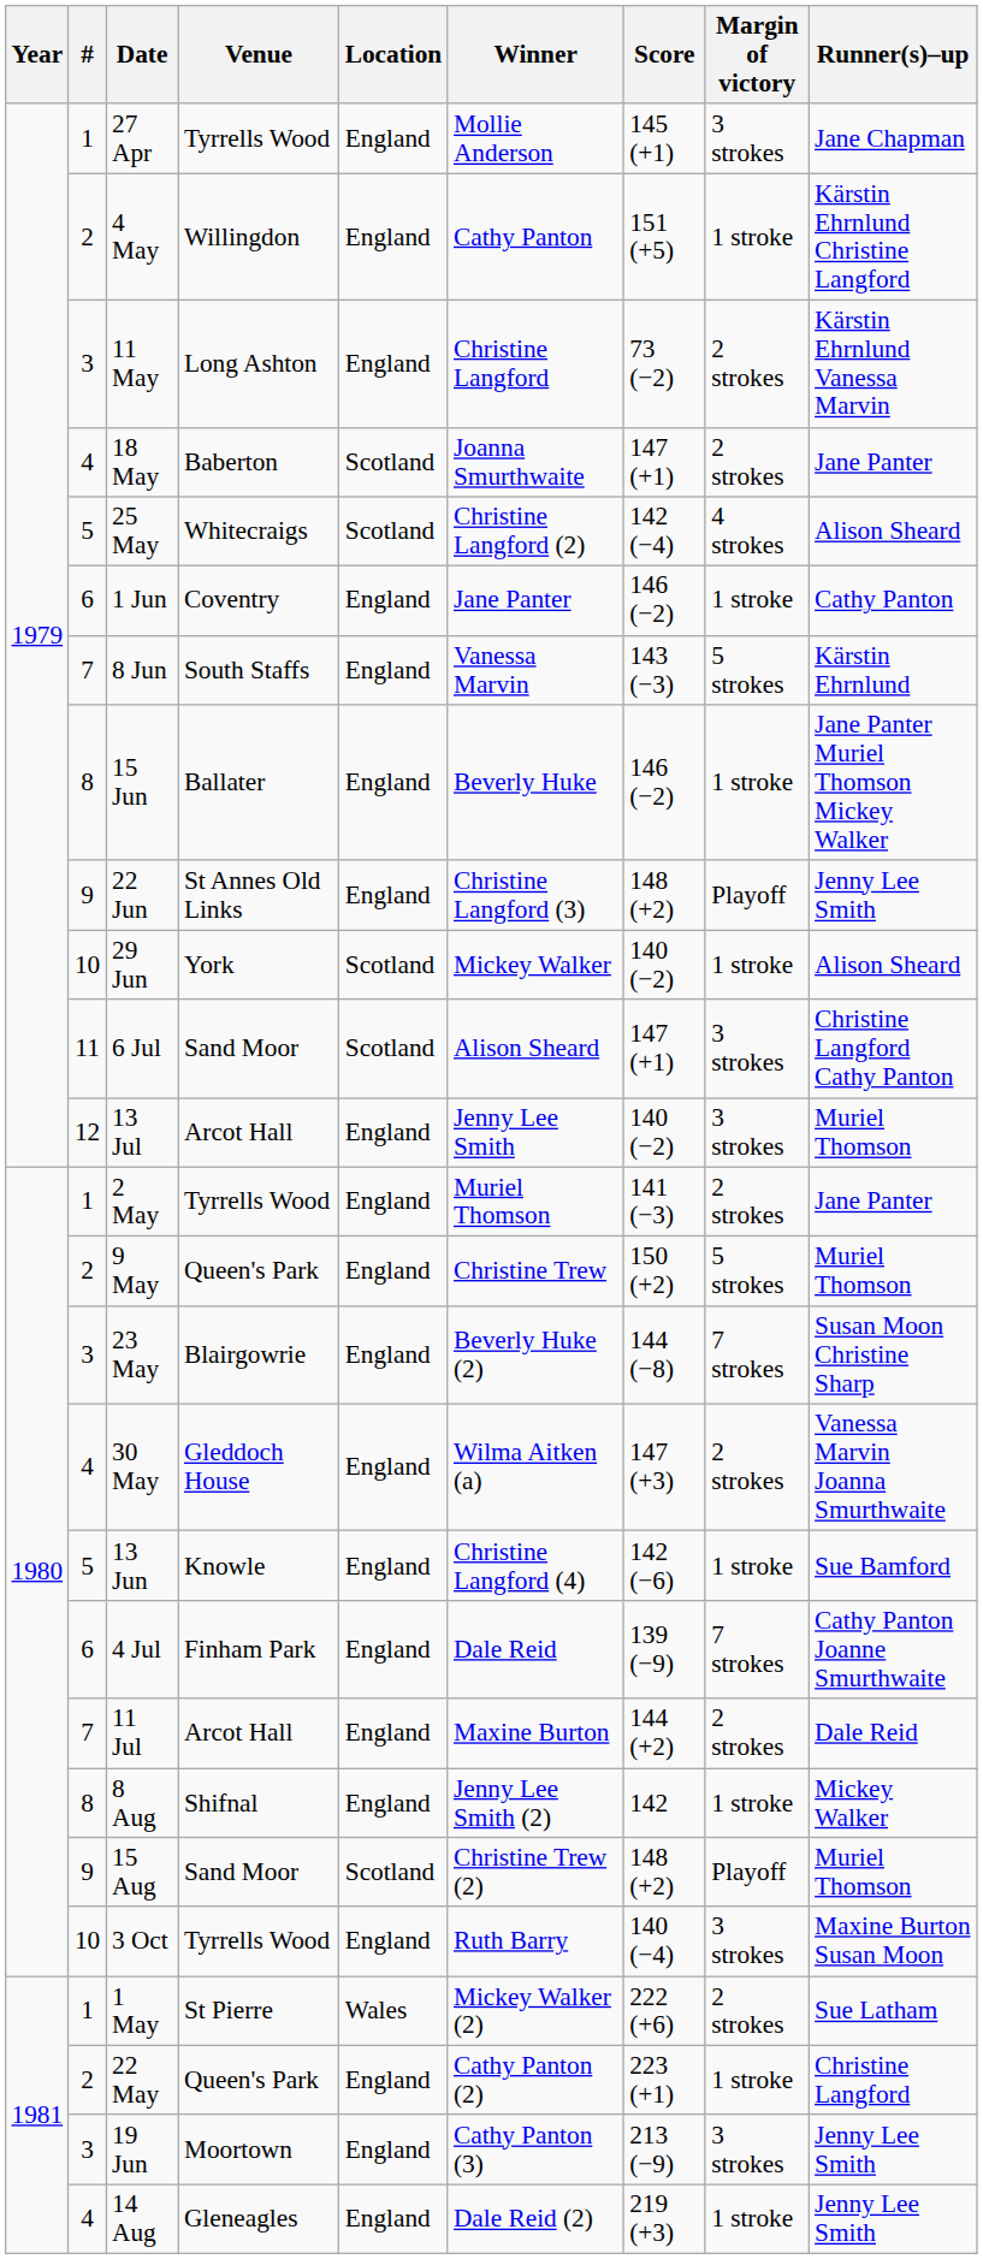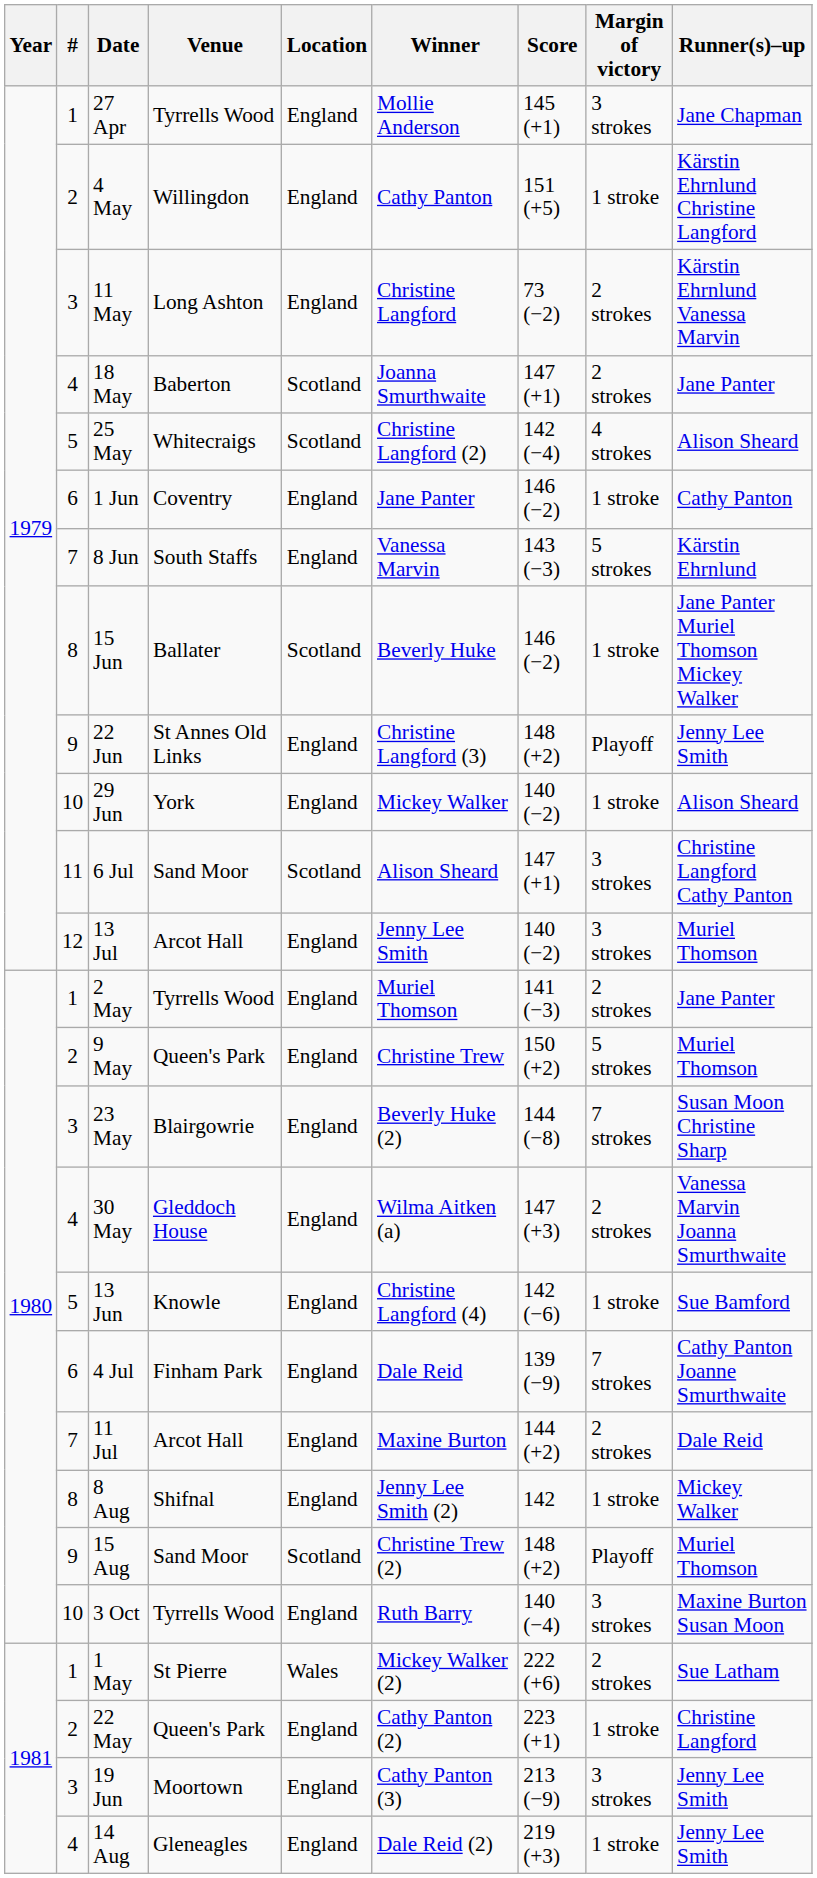 <table class="wikitable sortable" style="font–size:95%">
 <tr>
 <th>Year</th>
 <th>#</th>
 <th>Date</th>
 <th>Venue</th>
 <th>Location</th>
 <th>Winner</th>
 <th>Score</th>
 <th>Margin of<br>victory</th>
 <th>Runner(s)–up</th>
 </tr>
 <tr>
 <td rowspan=12><a href='#'>1979</a></td>
 <td align=center>1</td>
 <td>27 Apr</td>
 <td>Tyrrells Wood</td>
 <td>England</td>
 <td> <a href='#'>Mollie Anderson</a></td>
 <td>145 (+1)</td>
 <td>3 strokes</td>
 <td> <a href='#'>Jane Chapman</a></td>
 </tr>
 <tr>
 <td align=center>2</td>
 <td>4 May</td>
 <td>Willingdon</td>
 <td>England</td>
 <td> <a href='#'>Cathy Panton</a></td>
 <td>151 (+5)</td>
 <td>1 stroke</td>
 <td> <a href='#'>Kärstin Ehrnlund</a><br> <a href='#'>Christine Langford</a></td>
 </tr>
 <tr>
 <td align=center>3</td>
 <td>11 May</td>
 <td>Long Ashton</td>
 <td>England</td>
 <td> <a href='#'>Christine Langford</a></td>
 <td>73 (−2)</td>
 <td>2 strokes</td>
 <td> <a href='#'>Kärstin Ehrnlund</a><br> <a href='#'>Vanessa Marvin</a></td>
 </tr>
 <tr>
 <td align=center>4</td>
 <td>18 May</td>
 <td>Baberton</td>
 <td>Scotland</td>
 <td> <a href='#'>Joanna Smurthwaite</a></td>
 <td>147 (+1)</td>
 <td>2 strokes</td>
 <td> <a href='#'>Jane Panter</a></td>
 </tr>
 <tr>
 <td align=center>5</td>
 <td>25 May</td>
 <td>Whitecraigs</td>
 <td>Scotland</td>
 <td> <a href='#'>Christine Langford</a> (2)</td>
 <td>142 (−4)</td>
 <td>4 strokes</td>
 <td> <a href='#'>Alison Sheard</a></td>
 </tr>
 <tr>
 <td align=center>6</td>
 <td>1 Jun</td>
 <td>Coventry</td>
 <td>England</td>
 <td> <a href='#'>Jane Panter</a></td>
 <td>146 (−2)</td>
 <td>1 stroke</td>
 <td> <a href='#'>Cathy Panton</a></td>
 </tr>
 <tr>
 <td align=center>7</td>
 <td>8 Jun</td>
 <td>South Staffs</td>
 <td>England</td>
 <td> <a href='#'>Vanessa Marvin</a></td>
 <td>143 (−3)</td>
 <td>5 strokes</td>
 <td> <a href='#'>Kärstin Ehrnlund</a></td>
 </tr>
 <tr>
 <td align=center>8</td>
 <td>15 Jun</td>
 <td>Ballater</td>
-<td>England</td>
+<td>Scotland</td>
 <td> <a href='#'>Beverly Huke</a></td>
 <td>146 (−2)</td>
 <td>1 stroke</td>
 <td> <a href='#'>Jane Panter</a><br> <a href='#'>Muriel Thomson</a><br> <a href='#'>Mickey Walker</a></td>
 </tr>
 <tr>
 <td align=center>9</td>
 <td>22 Jun</td>
 <td>St Annes Old Links</td>
 <td>England</td>
 <td> <a href='#'>Christine Langford</a> (3)</td>
 <td>148 (+2)</td>
 <td>Playoff</td>
 <td> <a href='#'>Jenny Lee Smith</a></td>
 </tr>
 <tr>
 <td align=center>10</td>
 <td>29 Jun</td>
 <td>York</td>
-<td>Scotland</td>
+<td>England</td>
 <td> <a href='#'>Mickey Walker</a></td>
 <td>140 (−2)</td>
 <td>1 stroke</td>
 <td> <a href='#'>Alison Sheard</a></td>
 </tr>
 <tr>
 <td align=center>11</td>
 <td>6 Jul</td>
 <td>Sand Moor</td>
 <td>Scotland</td>
 <td> <a href='#'>Alison Sheard</a></td>
 <td>147 (+1)</td>
 <td>3 strokes</td>
 <td> <a href='#'>Christine Langford</a><br> <a href='#'>Cathy Panton</a></td>
 </tr>
 <tr>
 <td align=center>12</td>
 <td>13 Jul</td>
 <td>Arcot Hall</td>
 <td>England</td>
 <td> <a href='#'>Jenny Lee Smith</a></td>
 <td>140 (−2)</td>
 <td>3 strokes</td>
 <td> <a href='#'>Muriel Thomson</a></td>
 </tr>
 <tr>
 <td rowspan=10><a href='#'>1980</a></td>
 <td align=center>1</td>
 <td>2 May</td>
 <td>Tyrrells Wood</td>
 <td>England</td>
 <td> <a href='#'>Muriel Thomson</a></td>
 <td>141 (−3)</td>
 <td>2 strokes</td>
 <td> <a href='#'>Jane Panter</a></td>
 </tr>
 <tr>
 <td align=center>2</td>
 <td>9 May</td>
 <td>Queen's Park</td>
 <td>England</td>
 <td> <a href='#'>Christine Trew</a></td>
 <td>150 (+2)</td>
 <td>5 strokes</td>
 <td> <a href='#'>Muriel Thomson</a></td>
 </tr>
 <tr>
 <td align=center>3</td>
 <td>23 May</td>
 <td>Blairgowrie</td>
 <td>England</td>
 <td> <a href='#'>Beverly Huke</a> (2)</td>
 <td>144 (−8)</td>
 <td>7 strokes</td>
 <td> <a href='#'>Susan Moon</a> <br> <a href='#'>Christine Sharp</a></td>
 </tr>
 <tr>
 <td align=center>4</td>
 <td>30 May</td>
 <td><a href='#'>Gleddoch House</a></td>
 <td>England</td>
 <td> <a href='#'>Wilma Aitken</a> (a)</td>
 <td>147 (+3)</td>
 <td>2 strokes</td>
 <td> <a href='#'>Vanessa Marvin</a> <br>  <a href='#'>Joanna Smurthwaite</a></td>
 </tr>
 <tr>
 <td align=center>5</td>
 <td>13 Jun</td>
 <td>Knowle</td>
 <td>England</td>
 <td> <a href='#'>Christine Langford</a> (4)</td>
 <td>142 (−6)</td>
 <td>1 stroke</td>
 <td> <a href='#'>Sue Bamford</a></td>
 </tr>
 <tr>
 <td align=center>6</td>
 <td>4 Jul</td>
 <td>Finham Park</td>
 <td>England</td>
 <td> <a href='#'>Dale Reid</a></td>
 <td>139 (−9)</td>
 <td>7 strokes</td>
 <td> <a href='#'>Cathy Panton</a> <br>  <a href='#'>Joanne Smurthwaite</a></td>
 </tr>
 <tr>
 <td align=center>7</td>
 <td>11 Jul</td>
 <td>Arcot Hall</td>
 <td>England</td>
 <td> <a href='#'>Maxine Burton</a></td>
 <td>144 (+2)</td>
 <td>2 strokes</td>
 <td> <a href='#'>Dale Reid</a></td>
 </tr>
 <tr>
 <td align=center>8</td>
 <td>8 Aug</td>
 <td>Shifnal</td>
 <td>England</td>
 <td> <a href='#'>Jenny Lee Smith</a> (2)</td>
 <td>142</td>
 <td>1 stroke</td>
 <td> <a href='#'>Mickey Walker</a></td>
 </tr>
 <tr>
 <td align=center>9</td>
 <td>15 Aug</td>
 <td>Sand Moor</td>
 <td>Scotland</td>
 <td> <a href='#'>Christine Trew</a> (2)</td>
 <td>148 (+2)</td>
 <td>Playoff</td>
 <td> <a href='#'>Muriel Thomson</a></td>
 </tr>
 <tr>
 <td align=center>10</td>
 <td>3 Oct</td>
 <td>Tyrrells Wood</td>
 <td>England</td>
 <td> <a href='#'>Ruth Barry</a></td>
 <td>140 (−4)</td>
 <td>3 strokes</td>
 <td> <a href='#'>Maxine Burton</a> <br> <a href='#'>Susan Moon</a></td>
 </tr>
 <tr>
 <td rowspan=4><a href='#'>1981</a></td>
 <td align=center>1</td>
 <td>1 May</td>
 <td>St Pierre</td>
 <td>Wales</td>
 <td> <a href='#'>Mickey Walker</a> (2)</td>
 <td>222 (+6)</td>
 <td>2 strokes</td>
 <td> <a href='#'>Sue Latham</a></td>
 </tr>
 <tr>
 <td align=center>2</td>
 <td>22 May</td>
 <td>Queen's Park</td>
 <td>England</td>
 <td> <a href='#'>Cathy Panton</a> (2)</td>
 <td>223 (+1)</td>
 <td>1 stroke</td>
 <td> <a href='#'>Christine Langford</a></td>
 </tr>
 <tr>
 <td align=center>3</td>
 <td>19 Jun</td>
 <td>Moortown</td>
 <td>England</td>
 <td> <a href='#'>Cathy Panton</a> (3)</td>
 <td>213 (−9)</td>
 <td>3 strokes</td>
 <td> <a href='#'>Jenny Lee Smith</a></td>
 </tr>
 <tr>
 <td align=center>4</td>
 <td>14 Aug</td>
 <td>Gleneagles</td>
 <td>England</td>
 <td> <a href='#'>Dale Reid</a> (2)</td>
 <td>219 (+3)</td>
 <td>1 stroke</td>
 <td> <a href='#'>Jenny Lee Smith</a></td>
 </tr>
 </table>
